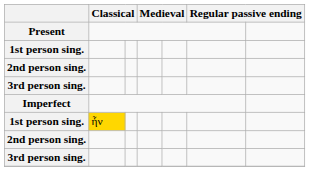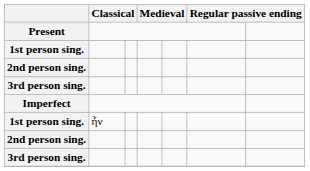 <table class="wikitable">
 <tr>
 <th></th>
 <th colspan="2">Classical</th>
 <th colspan="2">Medieval</th>
 <th colspan="2">Regular passive ending</th>
 </tr>
 <tr>
 <th>Present</th>
 <td colspan="5"></td>
 </tr>
 <tr>
 <th>1st person sing.</th>
 <td></td>
 <td></td>
 <td></td>
 <td></td>
 <td></td>
 <td></td>
 </tr>
 <tr>
 <th>2nd person sing.</th>
 <td></td>
 <td></td>
 <td></td>
 <td></td>
 <td></td>
 <td></td>
 </tr>
 <tr>
 <th>3rd person sing.</th>
 <td></td>
 <td></td>
 <td></td>
 <td></td>
 <td></td>
 <td></td>
 </tr>
 <tr>
 <th>Imperfect</th>
 <td colspan="5"></td>
 </tr>
 <tr>
 <th>1st person sing.</th>
-<td style="background: gold;">ἦν</td>
+<td>ἦν</td>
 <td></td>
 <td></td>
 <td></td>
 <td></td>
 <td></td>
 </tr>
 <tr>
 <th>2nd person sing.</th>
 <td></td>
 <td></td>
 <td></td>
 <td></td>
 <td></td>
 <td></td>
 </tr>
 <tr>
 <th>3rd person sing.</th>
 <td></td>
 <td></td>
 <td></td>
 <td></td>
 <td></td>
 <td></td>
 </tr>
 <tr>
 </tr>
 </table>
